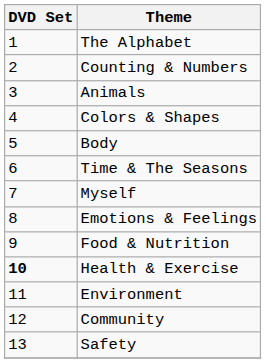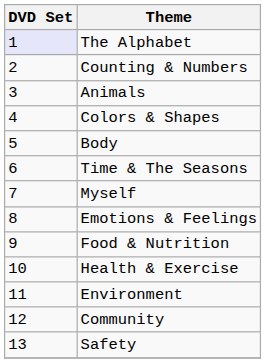 <table class="wikitable">
 <tr>
 <th>DVD Set</th>
 <th>Theme</th>
 </tr>
 <tr>
-<td>1</td>
+<td style="background: lavender;">1</td>
 <td>The Alphabet</td>
 </tr>
 <tr>
 <td>2</td>
 <td>Counting & Numbers</td>
 </tr>
 <tr>
 <td>3</td>
 <td>Animals</td>
 </tr>
 <tr>
 <td>4</td>
 <td>Colors & Shapes</td>
 </tr>
 <tr>
 <td>5</td>
 <td>Body</td>
 </tr>
 <tr>
 <td>6</td>
 <td>Time & The Seasons</td>
 </tr>
 <tr>
 <td>7</td>
 <td>Myself</td>
 </tr>
 <tr>
 <td>8</td>
 <td>Emotions & Feelings</td>
 </tr>
 <tr>
 <td>9</td>
 <td>Food & Nutrition</td>
 </tr>
 <tr>
-<td><strong>10</strong></td>
+<td>10</td>
 <td>Health & Exercise</td>
 </tr>
 <tr>
 <td>11</td>
 <td>Environment</td>
 </tr>
 <tr>
 <td>12</td>
 <td>Community</td>
 </tr>
 <tr>
 <td>13</td>
 <td>Safety</td>
 </tr>
 <tr>
 </tr>
 <tr>
 </tr>
 </table>
